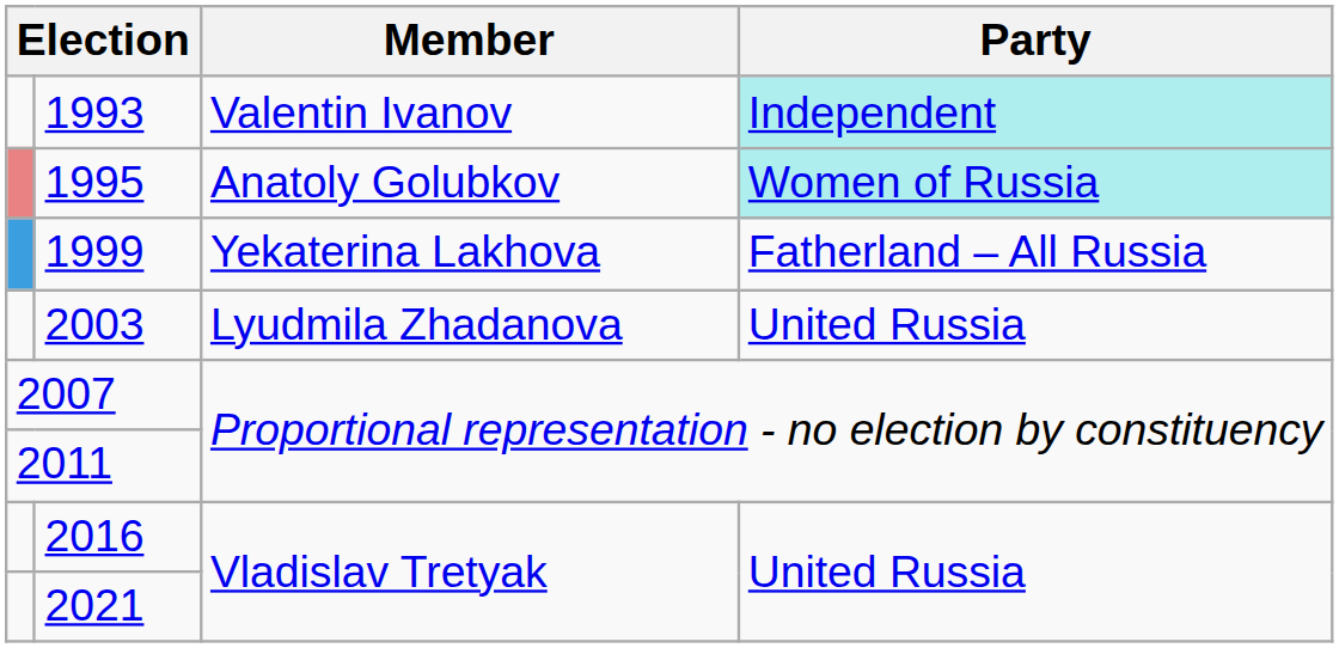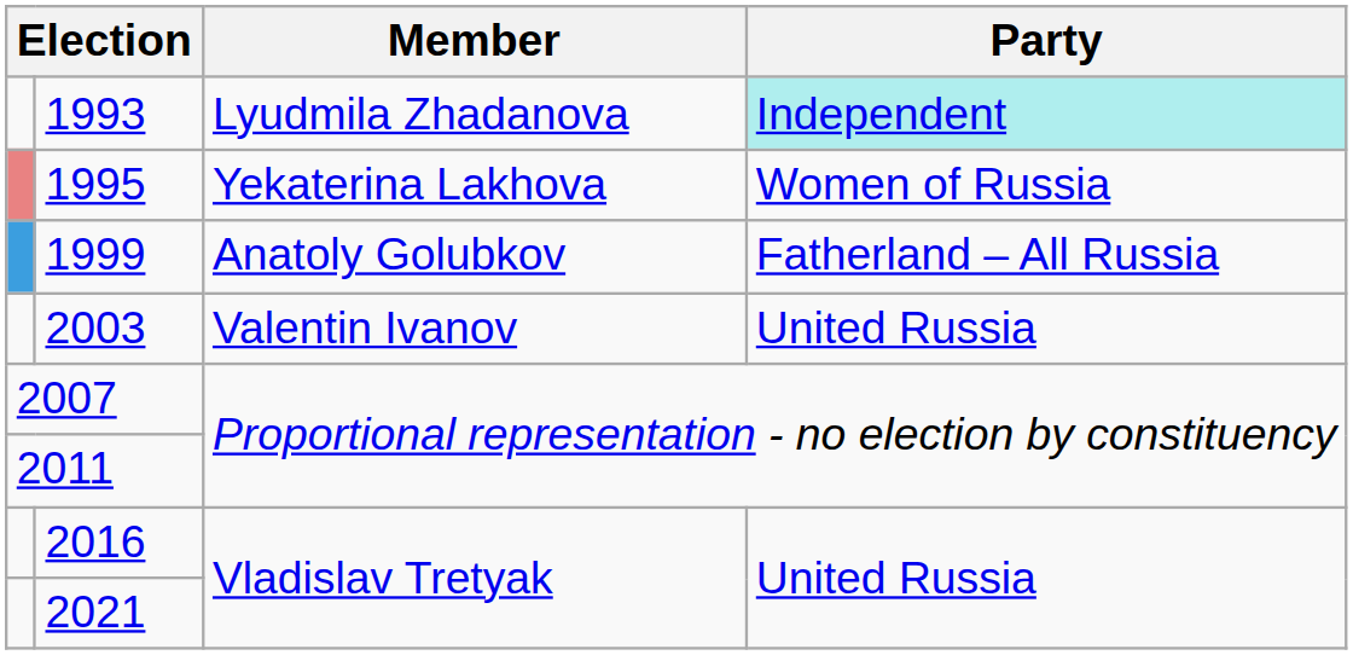 <table class="wikitable">
 <tr>
 <th colspan="2">Election</th>
 <th>Member</th>
 <th>Party</th>
 </tr>
 <tr>
 <td style="background-color:"></td>
 <td><a href='#'>1993</a></td>
-<td><a href='#'>Valentin Ivanov</a></td>
+<td><a href='#'>Lyudmila Zhadanova</a></td>
 <td style="background: paleturquoise;"><a href='#'>Independent</a></td>
 </tr>
 <tr>
 <td style="background-color:#E98282"></td>
 <td><a href='#'>1995</a></td>
-<td><a href='#'>Anatoly Golubkov</a></td>
-<td style="background: paleturquoise;"><a href='#'>Women of Russia</a></td>
+<td><a href='#'>Yekaterina Lakhova</a></td>
+<td><a href='#'>Women of Russia</a></td>
 </tr>
 <tr>
 <td style="background-color:#3B9EDF"></td>
 <td><a href='#'>1999</a></td>
-<td><a href='#'>Yekaterina Lakhova</a></td>
+<td><a href='#'>Anatoly Golubkov</a></td>
 <td><a href='#'>Fatherland – All Russia</a></td>
 </tr>
 <tr>
 <td style="background-color: "></td>
 <td><a href='#'>2003</a></td>
-<td><a href='#'>Lyudmila Zhadanova</a></td>
+<td><a href='#'>Valentin Ivanov</a></td>
 <td><a href='#'>United Russia</a></td>
 </tr>
 <tr>
 <td colspan=2><a href='#'>2007</a></td>
 <td colspan=2 rowspan=2><em><a href='#'>Proportional representation</a> - no election by constituency</em></td>
 </tr>
 <tr>
 <td colspan=2><a href='#'>2011</a></td>
 </tr>
 <tr>
 <td style="background-color: "></td>
 <td><a href='#'>2016</a></td>
 <td rowspan=2><a href='#'>Vladislav Tretyak</a></td>
 <td rowspan=2><a href='#'>United Russia</a></td>
 </tr>
 <tr>
 <td style="background-color: "></td>
 <td><a href='#'>2021</a></td>
 </tr>
 </table>
